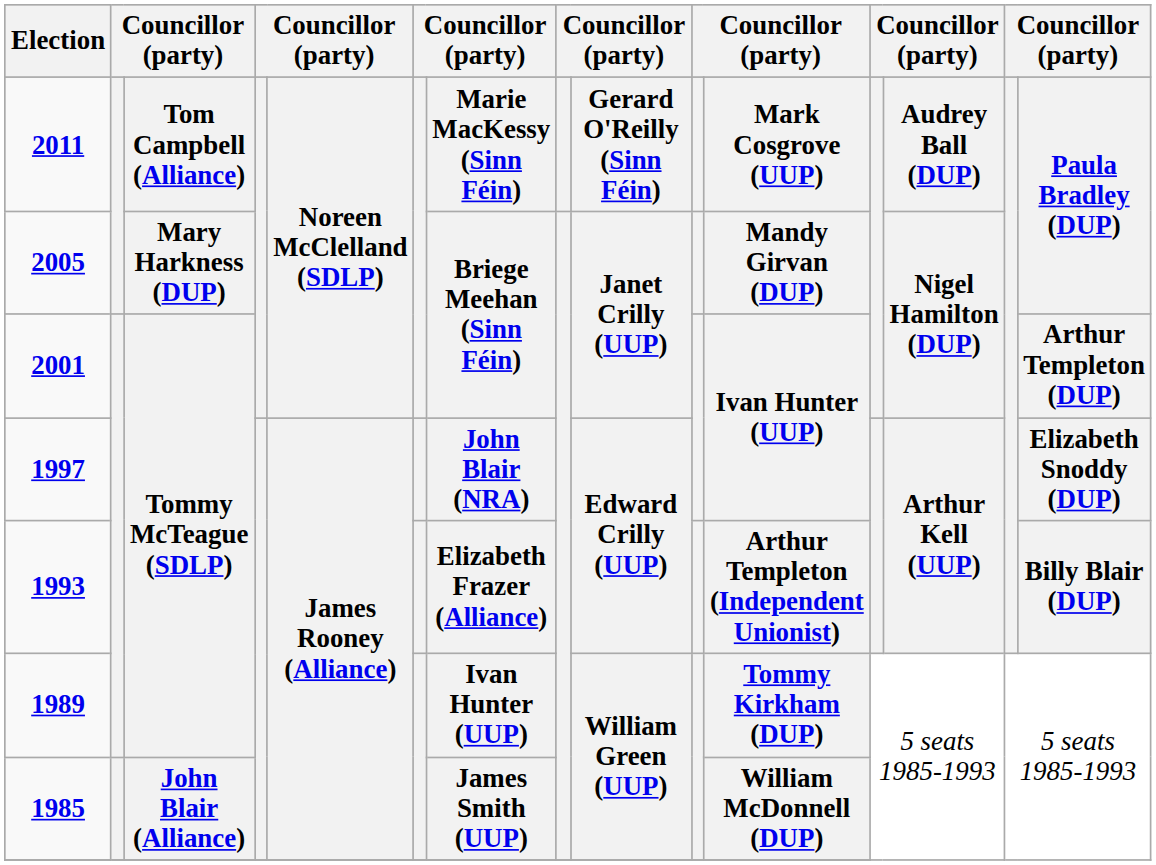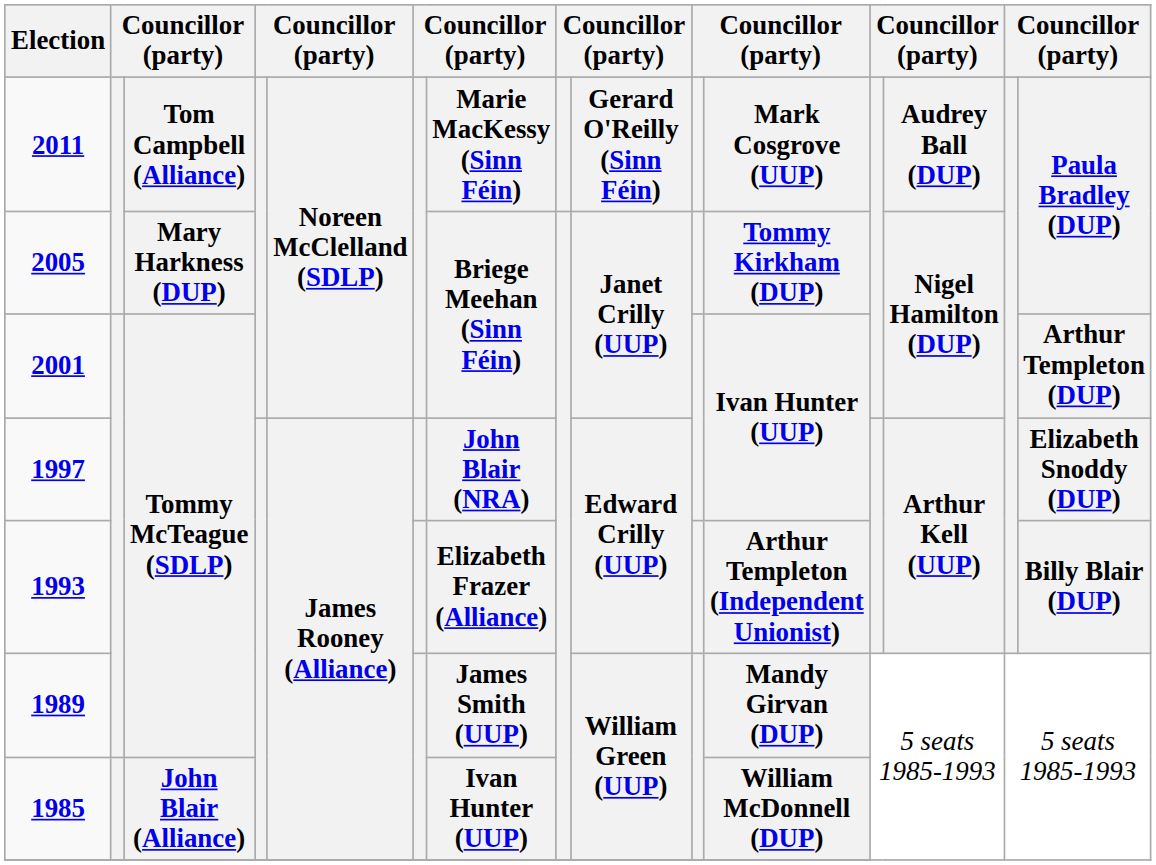 <table class="wikitable" style="text-align:center">
 <tr>
 <th scope="col" width="50">Election</th>
 <th scope="col" width="150" colspan = "2">Councillor<br> (party)</th>
 <th scope="col" width="150" colspan = "2">Councillor<br> (party)</th>
 <th scope="col" width="150" colspan = "2">Councillor<br> (party)</th>
 <th scope="col" width="150" colspan = "2">Councillor<br> (party)</th>
 <th scope="col" width="150" colspan = "2">Councillor<br> (party)</th>
 <th scope="col" width="150" colspan = "2">Councillor<br> (party)</th>
 <th scope="col" width="150" colspan = "2">Councillor<br> (party)</th>
 </tr>
 <tr>
 <td><strong><a href='#'>2011</a></strong></td>
 <th rowspan="2" width="1" style="background-color: "></th>
 <th rowspan = "1">Tom Campbell <br> (<a href='#'>Alliance</a>)</th>
 <th rowspan="3" width="1" style="background-color: "></th>
 <th rowspan = "3">Noreen McClelland <br> (<a href='#'>SDLP</a>)</th>
 <th rowspan="3" width="1" style="background-color: "></th>
 <th rowspan = "1">Marie MacKessy <br> (<a href='#'>Sinn Féin</a>)</th>
 <th rowspan="1" width="1" style="background-color: "></th>
 <th rowspan = "1">Gerard O'Reilly <br> (<a href='#'>Sinn Féin</a>)</th>
 <th rowspan="1" width="1" style="background-color: "></th>
 <th rowspan = "1">Mark Cosgrove <br> (<a href='#'>UUP</a>)</th>
 <th rowspan="3" width="1" style="background-color: "></th>
 <th rowspan = "1">Audrey Ball <br> (<a href='#'>DUP</a>)</th>
 <th rowspan="5" width="1" style="background-color: "></th>
 <th rowspan = "2"><a href='#'>Paula Bradley</a> <br> (<a href='#'>DUP</a>)</th>
 </tr>
 <tr>
 <td><strong><a href='#'>2005</a></strong></td>
 <th rowspan = "1">Mary Harkness <br> (<a href='#'>DUP</a>)</th>
 <th rowspan = "2">Briege Meehan <br> (<a href='#'>Sinn Féin</a>)</th>
 <th rowspan="6" width="1" style="background-color: "></th>
 <th rowspan = "2">Janet Crilly <br> (<a href='#'>UUP</a>)</th>
 <th rowspan="1" width="1" style="background-color: "></th>
-<th rowspan = "1">Mandy Girvan <br> (<a href='#'>DUP</a>)</th>
+<th rowspan = "1"><a href='#'>Tommy Kirkham</a> <br> (<a href='#'>DUP</a>)</th>
 <th rowspan = "2">Nigel Hamilton <br> (<a href='#'>DUP</a>)</th>
 </tr>
 <tr>
 <td><strong><a href='#'>2001</a></strong></td>
 <th rowspan="4" width="1" style="background-color: "></th>
 <th rowspan = "4">Tommy McTeague <br> (<a href='#'>SDLP</a>)</th>
 <th rowspan="2" width="1" style="background-color: "></th>
 <th rowspan = "2">Ivan Hunter <br> (<a href='#'>UUP</a>)</th>
 <th rowspan = "1">Arthur Templeton <br> (<a href='#'>DUP</a>)</th>
 </tr>
 <tr>
 <td><strong><a href='#'>1997</a></strong></td>
 <th rowspan="4" width="1" style="background-color: "></th>
 <th rowspan = "4">James Rooney <br> (<a href='#'>Alliance</a>)</th>
 <th rowspan="1" width="1" style="background-color: "></th>
 <th rowspan = "1"><a href='#'>John Blair</a> <br> (<a href='#'>NRA</a>)</th>
 <th rowspan = "2">Edward Crilly <br> (<a href='#'>UUP</a>)</th>
 <th rowspan="2" width="1" style="background-color: "></th>
 <th rowspan = "2">Arthur Kell <br> (<a href='#'>UUP</a>)</th>
 <th rowspan = "1">Elizabeth Snoddy <br> (<a href='#'>DUP</a>)</th>
 </tr>
 <tr>
 <td><strong><a href='#'>1993</a></strong></td>
 <th rowspan="1" width="1" style="background-color: "></th>
 <th rowspan = "1">Elizabeth Frazer <br> (<a href='#'>Alliance</a>)</th>
 <th rowspan="1" width="1" style="background-color: "></th>
 <th rowspan = "1">Arthur Templeton <br> (<a href='#'>Independent Unionist</a>)</th>
 <th rowspan = "1">Billy Blair <br> (<a href='#'>DUP</a>)</th>
 </tr>
 <tr>
 <td><strong><a href='#'>1989</a></strong></td>
 <th rowspan="2" width="1" style="background-color: "></th>
-<th rowspan = "1">Ivan Hunter <br> (<a href='#'>UUP</a>)</th>
+<th rowspan = "1">James Smith <br> (<a href='#'>UUP</a>)</th>
 <th rowspan = "2">William Green <br> (<a href='#'>UUP</a>)</th>
 <th rowspan="2" width="1" style="background-color: "></th>
-<th rowspan = "1"><a href='#'>Tommy Kirkham</a> <br> (<a href='#'>DUP</a>)</th>
+<th rowspan = "1">Mandy Girvan <br> (<a href='#'>DUP</a>)</th>
 <td colspan="2" rowspan="5" style="background-color:#FFFFFF"><em>5 seats<br>1985-1993</em></td>
 <td colspan="2" rowspan="5" style="background-color:#FFFFFF"><em>5 seats<br>1985-1993</em></td>
 </tr>
 <tr>
 <td><strong><a href='#'>1985</a></strong></td>
 <th rowspan="1" width="1" style="background-color: "></th>
 <th rowspan = "1"><a href='#'>John Blair</a> <br> (<a href='#'>Alliance</a>)</th>
-<th rowspan = "1">James Smith <br> (<a href='#'>UUP</a>)</th>
+<th rowspan = "1">Ivan Hunter <br> (<a href='#'>UUP</a>)</th>
 <th rowspan = "1">William McDonnell <br> (<a href='#'>DUP</a>)</th>
 </tr>
 <tr>
 </tr>
 </table>
